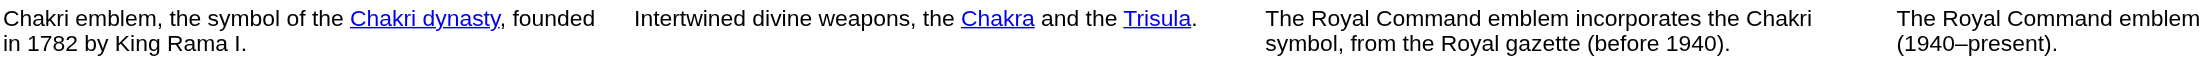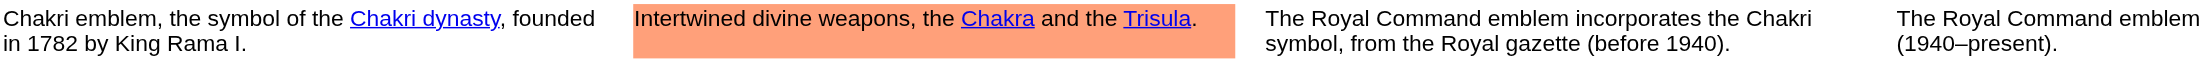 <table cellspacing=20 style="margin-left: auto; margin-right: auto; border: none; width: 90%">
 <tr>
 <th width=25%></th>
 <th width=25%></th>
 <th width=25%></th>
 <th width=25%></th>
 </tr>
 <tr style="vertical-align: top;">
 <td>Chakri emblem, the symbol of the <a href='#'>Chakri dynasty</a>, founded in 1782 by King Rama I.</td>
-<td>Intertwined divine weapons, the <a href='#'>Chakra</a> and the <a href='#'>Trisula</a>.</td>
+<td style="background: lightsalmon;">Intertwined divine weapons, the <a href='#'>Chakra</a> and the <a href='#'>Trisula</a>.</td>
 <td>The Royal Command emblem incorporates the Chakri symbol, from the Royal gazette (before 1940).</td>
 <td>The Royal Command emblem <br>(1940–present).</td>
 </tr>
 </table>
